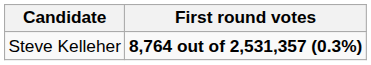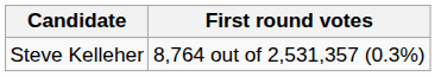 <table class="wikitable">
 <tr>
 <th>Candidate</th>
 <th>First round votes</th>
 </tr>
 <tr>
 <td>Steve Kelleher</td>
-<td><strong>8,764 out of 2,531,357 (0.3%)</strong></td>
+<td>8,764 out of 2,531,357 (0.3%)</td>
 </tr>
 </table>
